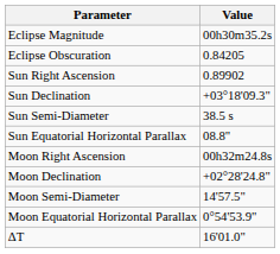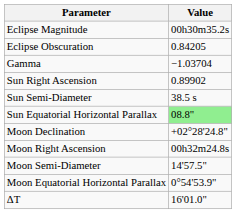 <table class="wikitable">
 <tr>
 <th>Parameter</th>
 <th>Value</th>
 </tr>
 <tr>
 <td>Eclipse Magnitude</td>
 <td>00h30m35.2s</td>
 </tr>
 <tr>
 <td>Eclipse Obscuration</td>
 <td>0.84205</td>
 </tr>
 <tr>
+<td>Gamma</td>
+<td>−1.03704</td>
+</tr>
+<tr>
 <td>Sun Right Ascension</td>
 <td>0.89902</td>
-</tr>
-<tr>
-<td>Sun Declination</td>
-<td>+03°18'09.3"</td>
 </tr>
 <tr>
 <td>Sun Semi-Diameter</td>
 <td>38.5 s</td>
 </tr>
 <tr>
 <td>Sun Equatorial Horizontal Parallax</td>
-<td>08.8"</td>
+<td style="background: lightgreen;">08.8"</td>
+</tr>
+<tr>
+<td>Moon Declination</td>
+<td>+02°28'24.8"</td>
 </tr>
 <tr>
 <td>Moon Right Ascension</td>
 <td>00h32m24.8s</td>
-</tr>
-<tr>
-<td>Moon Declination</td>
-<td>+02°28'24.8"</td>
 </tr>
 <tr>
 <td>Moon Semi-Diameter</td>
 <td>14'57.5"</td>
 </tr>
 <tr>
 <td>Moon Equatorial Horizontal Parallax</td>
 <td>0°54'53.9"</td>
 </tr>
 <tr>
 <td>ΔT</td>
 <td>16'01.0"</td>
 </tr>
 </table>
